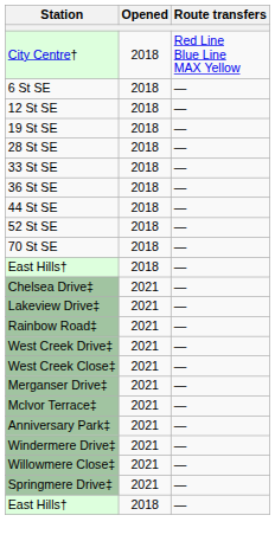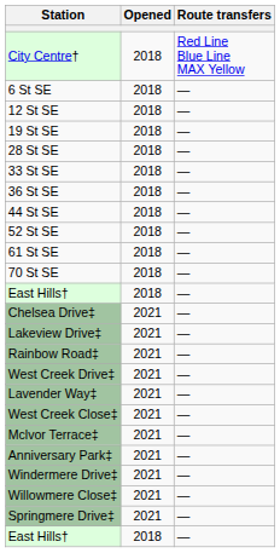 <table class="wikitable sortable">
 <tr>
 <th>Station</th>
 <th data-sort-type="usLongDate">Opened</th>
 <th class="unsortable">Route transfers</th>
 </tr>
 <tr>
 <th colspan=3 style="background:#"></th>
 </tr>
 <tr>
 <td style="background-color:#ddffdd"><a href='#'>City Centre</a>†</td>
 <td align=center>2018</td>
 <td> <a href='#'>Red Line</a><br> <a href='#'>Blue Line</a><br> <a href='#'>MAX Yellow</a></td>
 </tr>
 <tr>
 <td>6 St SE</td>
 <td align=center>2018</td>
 <td>—</td>
 </tr>
 <tr>
 <td>12 St SE</td>
 <td align=center>2018</td>
 <td>—</td>
 </tr>
 <tr>
 <td>19 St SE</td>
 <td align=center>2018</td>
 <td>—</td>
 </tr>
 <tr>
 <td>28 St SE</td>
 <td align=center>2018</td>
 <td>—</td>
 </tr>
 <tr>
 <td>33 St SE</td>
 <td align=center>2018</td>
 <td>—</td>
 </tr>
 <tr>
 <td>36 St SE</td>
 <td align=center>2018</td>
 <td>—</td>
 </tr>
 <tr>
 <td>44 St SE</td>
 <td align=center>2018</td>
 <td>—</td>
 </tr>
 <tr>
 <td>52 St SE</td>
 <td align=center>2018</td>
 <td>—</td>
 </tr>
 <tr>
+<td>61 St SE</td>
+<td align=center>2018</td>
+<td>—</td>
+</tr>
+<tr>
 <td>70 St SE</td>
 <td align=center>2018</td>
 <td>—</td>
 </tr>
 <tr>
 <td style="background-color:#ddffdd">East Hills†</td>
 <td align=center>2018</td>
 <td>—</td>
 </tr>
 <tr>
 <td style="background-color:#a1c4a1">Chelsea Drive‡</td>
 <td align=center>2021</td>
 <td>—</td>
 </tr>
 <tr>
 <td style="background-color:#a1c4a1">Lakeview Drive‡</td>
 <td align=center>2021</td>
 <td>—</td>
 </tr>
 <tr>
 <td style="background-color:#a1c4a1">Rainbow Road‡</td>
 <td align=center>2021</td>
 <td>—</td>
 </tr>
 <tr>
 <td style="background-color:#a1c4a1">West Creek Drive‡</td>
 <td align=center>2021</td>
 <td>—</td>
 </tr>
 <tr>
-<td style="background-color:#a1c4a1">West Creek Close‡</td>
+<td style="background-color:#a1c4a1">Lavender Way‡</td>
 <td align=center>2021</td>
 <td>—</td>
 </tr>
 <tr>
-<td style="background-color:#a1c4a1">Merganser Drive‡</td>
+<td style="background-color:#a1c4a1">West Creek Close‡</td>
 <td align=center>2021</td>
 <td>—</td>
 </tr>
 <tr>
 <td style="background-color:#a1c4a1">Mclvor Terrace‡</td>
 <td align=center>2021</td>
 <td>—</td>
 </tr>
 <tr>
 <td style="background-color:#a1c4a1">Anniversary Park‡</td>
 <td align=center>2021</td>
 <td>—</td>
 </tr>
 <tr>
 <td style="background-color:#a1c4a1">Windermere Drive‡</td>
 <td align=center>2021</td>
 <td>—</td>
 </tr>
 <tr>
 <td style="background-color:#a1c4a1">Willowmere Close‡</td>
 <td align=center>2021</td>
 <td>—</td>
 </tr>
 <tr>
 <td style="background-color:#a1c4a1">Springmere Drive‡</td>
 <td align=center>2021</td>
 <td>—</td>
 </tr>
 <tr>
 <td style="background-color:#ddffdd">East Hills†</td>
 <td align=center>2018</td>
 <td>—</td>
 </tr>
 </table>
